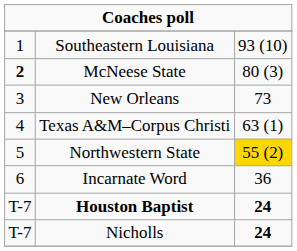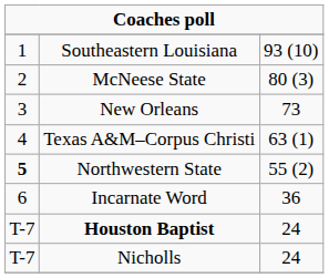 <table class="wikitable">
 <tr align="center">
 <td align="center" Colspan="3"><strong>Coaches poll</strong></td>
 </tr>
 <tr align="center">
 </tr>
 <tr align="center">
 <td>1</td>
 <td>Southeastern Louisiana</td>
 <td>93 (10)</td>
 </tr>
 <tr align="center">
-<td><strong>2</strong></td>
+<td>2</td>
 <td>McNeese State</td>
 <td>80 (3)</td>
 </tr>
 <tr align="center">
 <td>3</td>
 <td>New Orleans</td>
 <td>73</td>
 </tr>
 <tr align="center">
 <td>4</td>
 <td>Texas A&M–Corpus Christi</td>
 <td>63 (1)</td>
 </tr>
 <tr align="center">
-<td>5</td>
+<td><strong>5</strong></td>
 <td>Northwestern State</td>
-<td style="background: gold;">55 (2)</td>
+<td>55 (2)</td>
 </tr>
 <tr align="center">
 <td>6</td>
 <td>Incarnate Word</td>
 <td>36</td>
 </tr>
 <tr align="center">
 <td>T-7</td>
 <td><strong>Houston Baptist</strong></td>
-<td><strong>24</strong></td>
+<td>24</td>
 </tr>
 <tr align="center">
 <td>T-7</td>
 <td>Nicholls</td>
-<td><strong>24</strong></td>
+<td>24</td>
 </tr>
 <tr align="center">
 </tr>
 </table>
